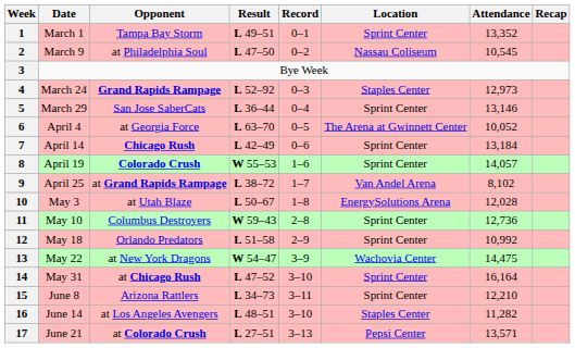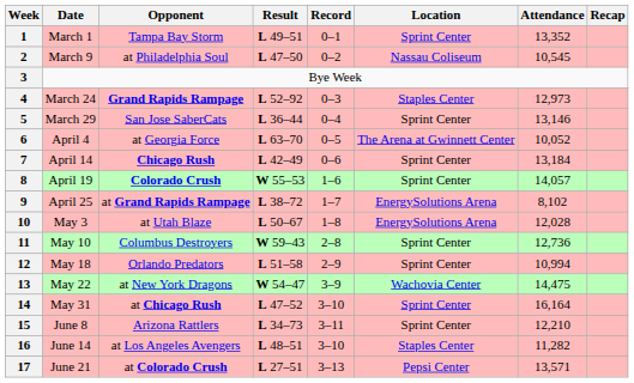 <table class="wikitable" style="text-align:center">
 <tr>
 <th>Week</th>
 <th>Date</th>
 <th>Opponent</th>
 <th>Result</th>
 <th>Record</th>
 <th>Location</th>
 <th>Attendance</th>
 <th>Recap</th>
 </tr>
 <tr bgcolor="#ffbbbb">
 <th>1</th>
 <td>March 1</td>
 <td><a href='#'>Tampa Bay Storm</a></td>
 <td><strong>L</strong> 49–51</td>
 <td>0–1</td>
 <td><a href='#'>Sprint Center</a></td>
 <td>13,352</td>
 <td></td>
 </tr>
 <tr bgcolor="#ffbbbb">
 <th>2</th>
 <td>March 9</td>
 <td>at <a href='#'>Philadelphia Soul</a></td>
 <td><strong>L</strong> 47–50</td>
 <td>0–2</td>
 <td><a href='#'>Nassau Coliseum</a></td>
 <td>10,545</td>
 <td></td>
 </tr>
 <tr>
 <th>3</th>
 <td colspan=7>Bye Week</td>
 </tr>
 <tr bgcolor="#ffbbbb">
 <th>4</th>
 <td>March 24</td>
 <td><strong><a href='#'>Grand Rapids Rampage</a></strong></td>
 <td><strong>L</strong> 52–92</td>
 <td>0–3</td>
 <td><a href='#'>Staples Center</a></td>
 <td>12,973</td>
 <td></td>
 </tr>
 <tr bgcolor="#ffbbbb">
 <th>5</th>
 <td>March 29</td>
 <td><a href='#'>San Jose SaberCats</a></td>
 <td><strong>L</strong> 36–44</td>
 <td>0–4</td>
 <td>Sprint Center</td>
 <td>13,146</td>
 <td></td>
 </tr>
 <tr bgcolor="#ffbbbb">
 <th>6</th>
 <td>April 4</td>
 <td>at <a href='#'>Georgia Force</a></td>
 <td><strong>L</strong> 63–70</td>
 <td>0–5</td>
 <td><a href='#'>The Arena at Gwinnett Center</a></td>
 <td>10,052</td>
 <td></td>
 </tr>
 <tr bgcolor="#ffbbbb">
 <th>7</th>
 <td>April 14</td>
 <td><strong><a href='#'>Chicago Rush</a></strong></td>
 <td><strong>L</strong> 42–49</td>
 <td>0–6</td>
 <td>Sprint Center</td>
 <td>13,184</td>
 <td></td>
 </tr>
 <tr bgcolor="#bbffbb">
 <th>8</th>
 <td>April 19</td>
 <td><strong><a href='#'>Colorado Crush</a></strong></td>
 <td><strong>W</strong> 55–53</td>
 <td>1–6</td>
 <td>Sprint Center</td>
 <td>14,057</td>
 <td></td>
 </tr>
 <tr bgcolor="#ffbbbb">
 <th>9</th>
 <td>April 25</td>
 <td>at <strong><a href='#'>Grand Rapids Rampage</a></strong></td>
 <td><strong>L</strong> 38–72</td>
 <td>1–7</td>
-<td><a href='#'>Van Andel Arena</a></td>
+<td><a href='#'>EnergySolutions Arena</a></td>
 <td>8,102</td>
 <td></td>
 </tr>
 <tr bgcolor="#ffbbbb">
 <th>10</th>
 <td>May 3</td>
 <td>at <a href='#'>Utah Blaze</a></td>
 <td><strong>L</strong> 50–67</td>
 <td>1–8</td>
 <td><a href='#'>EnergySolutions Arena</a></td>
 <td>12,028</td>
 <td></td>
 </tr>
 <tr bgcolor="#bbffbb">
 <th>11</th>
 <td>May 10</td>
 <td><a href='#'>Columbus Destroyers</a></td>
 <td><strong>W</strong> 59–43</td>
 <td>2–8</td>
 <td>Sprint Center</td>
 <td>12,736</td>
 <td></td>
 </tr>
 <tr bgcolor="#ffbbbb">
 <th>12</th>
 <td>May 18</td>
 <td><a href='#'>Orlando Predators</a></td>
 <td><strong>L</strong> 51–58</td>
 <td>2–9</td>
 <td>Sprint Center</td>
-<td>10,992</td>
+<td>10,994</td>
 <td></td>
 </tr>
 <tr bgcolor="#bbffbb">
 <th>13</th>
 <td>May 22</td>
 <td>at <a href='#'>New York Dragons</a></td>
 <td><strong>W</strong> 54–47</td>
 <td>3–9</td>
 <td><a href='#'>Wachovia Center</a></td>
 <td>14,475</td>
 <td></td>
 </tr>
 <tr bgcolor="#ffbbbb">
 <th>14</th>
 <td>May 31</td>
 <td>at <strong><a href='#'>Chicago Rush</a></strong></td>
 <td><strong>L</strong> 47–52</td>
 <td>3–10</td>
 <td><a href='#'>Sprint Center</a></td>
 <td>16,164</td>
 <td></td>
 </tr>
 <tr bgcolor="#ffbbbb">
 <th>15</th>
 <td>June 8</td>
 <td><a href='#'>Arizona Rattlers</a></td>
 <td><strong>L</strong> 34–73</td>
 <td>3–11</td>
 <td>Sprint Center</td>
 <td>12,210</td>
 <td></td>
 </tr>
 <tr bgcolor="#ffbbbb">
 <th>16</th>
 <td>June 14</td>
 <td>at <a href='#'>Los Angeles Avengers</a></td>
 <td><strong>L</strong> 48–51</td>
 <td>3–10</td>
 <td><a href='#'>Staples Center</a></td>
 <td>11,282</td>
 <td></td>
 </tr>
 <tr bgcolor="#ffbbbb">
 <th>17</th>
 <td>June 21</td>
 <td>at <strong><a href='#'>Colorado Crush</a></strong></td>
 <td><strong>L</strong> 27–51</td>
 <td>3–13</td>
 <td><a href='#'>Pepsi Center</a></td>
 <td>13,571</td>
 <td></td>
 </tr>
 </table>
